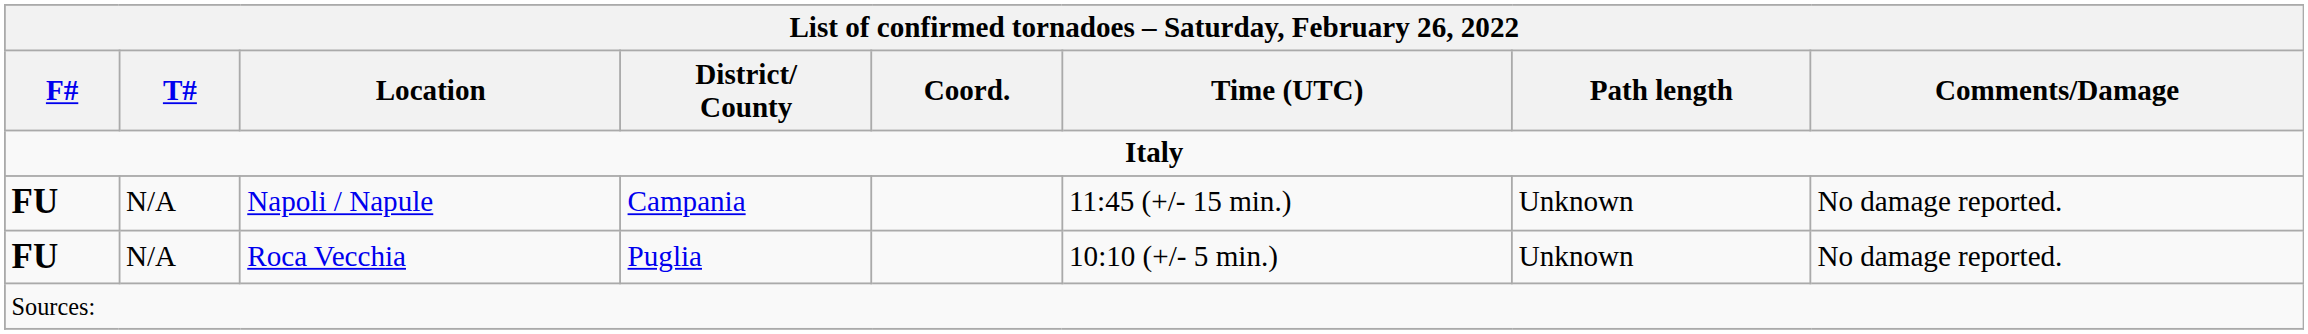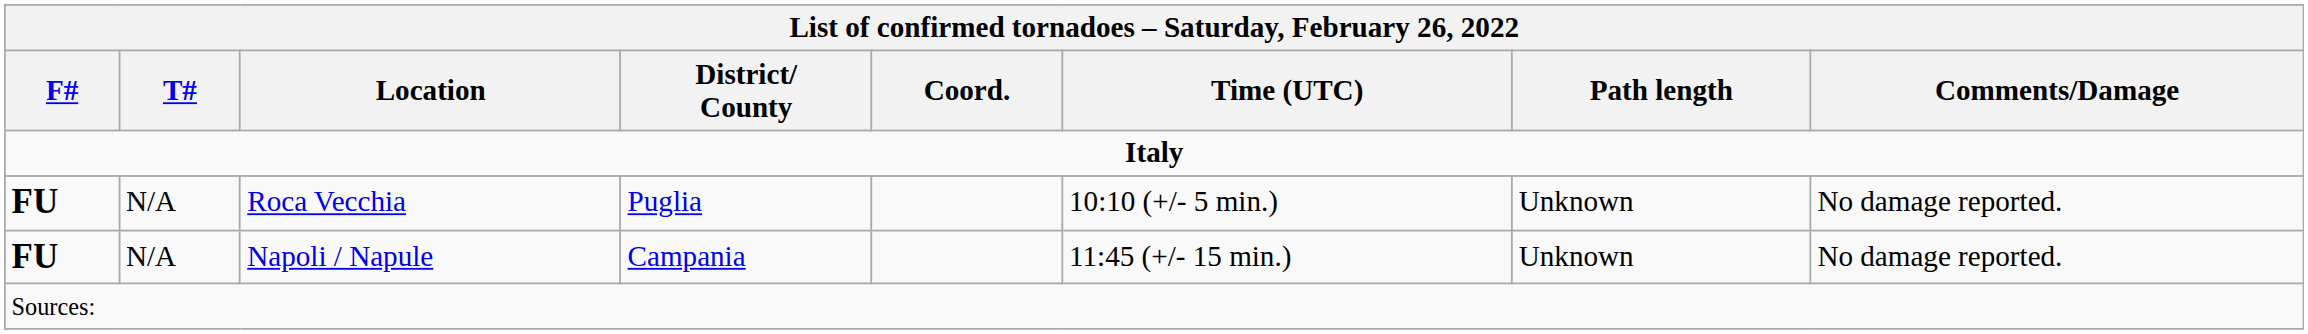 <table class="wikitable collapsible" width="100%">
 <tr>
 <th colspan="8">List of confirmed tornadoes – Saturday, February 26, 2022</th>
 </tr>
 <tr>
 <th><a href='#'>F#</a></th>
 <th><a href='#'>T#</a></th>
 <th>Location</th>
 <th>District/<br>County</th>
 <th>Coord.</th>
 <th>Time (UTC)</th>
 <th>Path length</th>
 <th>Comments/Damage</th>
 </tr>
 <tr>
 <td colspan="8" align=center><strong>Italy</strong></td>
 </tr>
 <tr>
 <td><big><strong>FU</strong></big></td>
 <td>N/A</td>
+<td><a href='#'>Roca Vecchia</a></td>
+<td><a href='#'>Puglia</a></td>
+<td></td>
+<td>10:10 (+/- 5 min.)</td>
+<td>Unknown</td>
+<td>No damage reported.</td>
+</tr>
+<tr>
+<td><big><strong>FU</strong></big></td>
+<td>N/A</td>
 <td><a href='#'>Napoli / Napule</a></td>
 <td><a href='#'>Campania</a></td>
 <td></td>
 <td>11:45 (+/- 15 min.)</td>
 <td>Unknown</td>
 <td>No damage reported.</td>
 </tr>
 <tr>
-<td><big><strong>FU</strong></big></td>
-<td>N/A</td>
-<td><a href='#'>Roca Vecchia</a></td>
-<td><a href='#'>Puglia</a></td>
-<td></td>
-<td>10:10 (+/- 5 min.)</td>
-<td>Unknown</td>
-<td>No damage reported.</td>
-</tr>
-<tr>
 <td colspan="8"><small>Sources:  </small></td>
 </tr>
 </table>
